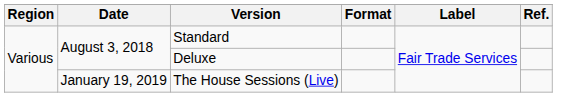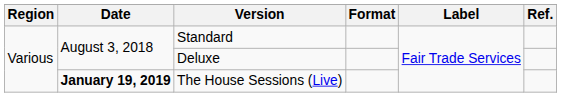 <table class="wikitable plainrowheaders">
 <tr>
 </tr>
 <tr>
 <th scope="col">Region</th>
 <th scope="col">Date</th>
 <th scope="col">Version</th>
 <th scope="col">Format</th>
 <th scope="col">Label</th>
 <th scope="col">Ref.</th>
 </tr>
 <tr>
 <td rowspan="3">Various</td>
 <td rowspan="2">August 3, 2018</td>
 <td>Standard</td>
 <td></td>
 <td rowspan="3"><a href='#'>Fair Trade Services</a></td>
 <td></td>
 </tr>
 <tr>
 <td>Deluxe</td>
 <td></td>
 <td></td>
 </tr>
 <tr>
-<td>January 19, 2019</td>
+<td><strong>January 19, 2019</strong></td>
 <td>The House Sessions (<a href='#'>Live</a>)</td>
 <td></td>
 <td></td>
 </tr>
 </table>
